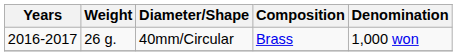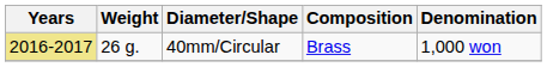 <table class="wikitable">
 <tr>
 <th>Years</th>
 <th>Weight</th>
 <th>Diameter/Shape</th>
 <th>Composition</th>
 <th>Denomination</th>
 </tr>
 <tr>
-<td>2016-2017</td>
+<td style="background: khaki;">2016-2017</td>
 <td>26 g.</td>
 <td>40mm/Circular</td>
 <td><a href='#'>Brass</a></td>
 <td>1,000 <a href='#'>won</a></td>
 </tr>
 <tr>
 </tr>
 </table>
